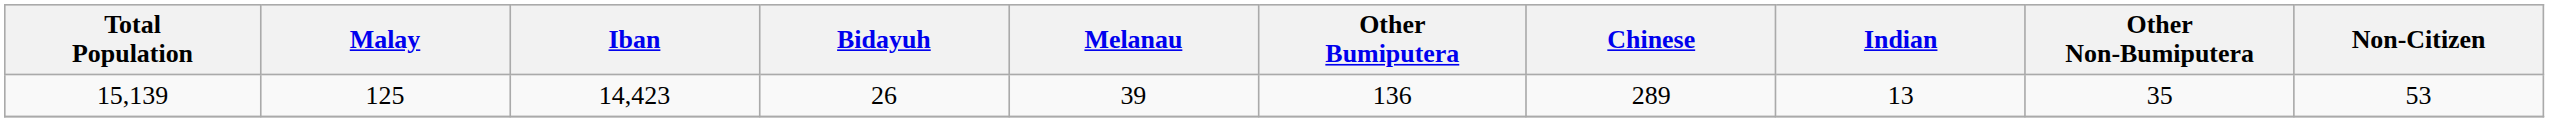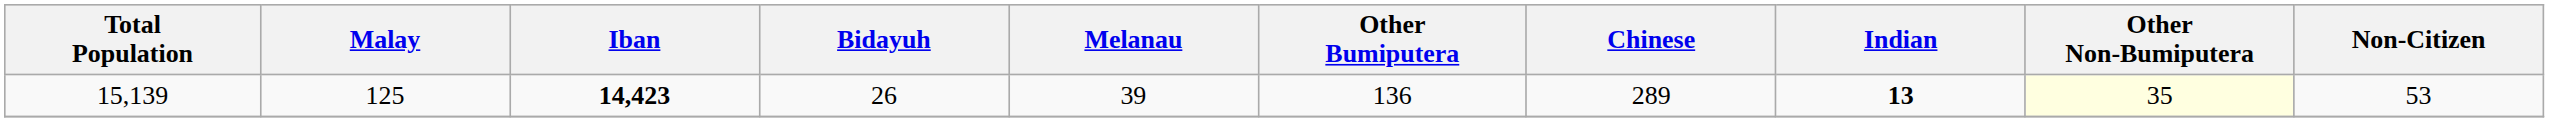 <table class="wikitable" style="text-align:center">
 <tr>
 <th style="width:5%">Total <br>Population</th>
 <th style="width:5%"><a href='#'>Malay</a></th>
 <th style="width:5%"><a href='#'>Iban</a></th>
 <th style="width:5%"><a href='#'>Bidayuh</a></th>
 <th style="width:5%"><a href='#'>Melanau</a></th>
 <th style="width:5%">Other <br><a href='#'>Bumiputera</a></th>
 <th style="width:5%"><a href='#'>Chinese</a></th>
 <th style="width:5%"><a href='#'>Indian</a></th>
 <th style="width:5%">Other <br>Non-Bumiputera</th>
 <th style="width:5%">Non-Citizen</th>
 </tr>
 <tr>
 <td>15,139</td>
 <td>125</td>
-<td>14,423</td>
+<td><strong>14,423</strong></td>
 <td>26</td>
 <td>39</td>
 <td>136</td>
 <td>289</td>
-<td>13</td>
-<td>35</td>
+<td><strong>13</strong></td>
+<td style="background: lightyellow;">35</td>
 <td>53</td>
 </tr>
 <tr>
 </tr>
 </table>
